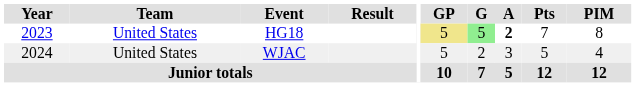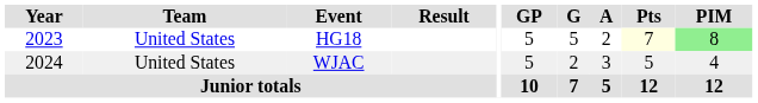 <table border="0" cellpadding="1" cellspacing="0" id="Table3" style="text-align:center; width:40em">
 <tr bgcolor="#e0e0e0">
 <th>Year</th>
 <th>Team</th>
 <th>Event</th>
 <th>Result</th>
 <th rowspan="99" bgcolor="#ffffff"></th>
 <th>GP</th>
 <th>G</th>
 <th>A</th>
 <th>Pts</th>
 <th>PIM</th>
 </tr>
 <tr>
 <td><a href='#'>2023</a></td>
 <td><a href='#'>United States</a></td>
 <td><a href='#'>HG18</a></td>
 <td></td>
-<td style="background: khaki;">5</td>
-<td style="background: lightgreen;">5</td>
-<td><strong>2</strong></td>
-<td>7</td>
-<td>8</td>
+<td>5</td>
+<td>5</td>
+<td>2</td>
+<td style="background: lightyellow;">7</td>
+<td style="background: lightgreen;">8</td>
 </tr>
 <tr bgcolor="#f0f0f0">
 <td>2024</td>
 <td>United States</td>
 <td><a href='#'>WJAC</a></td>
 <td></td>
 <td>5</td>
 <td>2</td>
 <td>3</td>
 <td>5</td>
 <td>4</td>
 </tr>
 <tr bgcolor="#e0e0e0">
 <th colspan="4">Junior totals</th>
 <th>10</th>
 <th>7</th>
 <th>5</th>
 <th>12</th>
 <th>12</th>
 </tr>
 </table>
